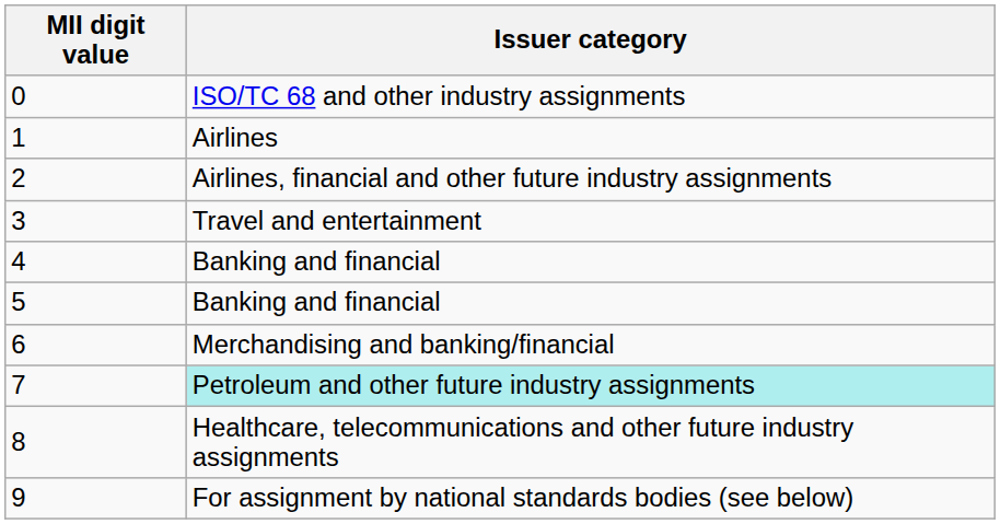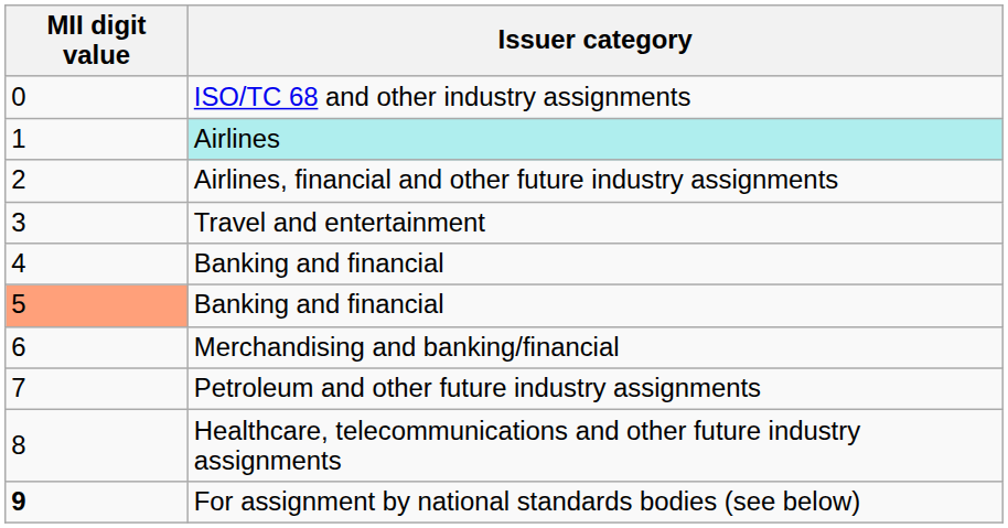 <table class="wikitable">
 <tr>
 <th>MII digit value</th>
 <th>Issuer category</th>
 </tr>
 <tr>
 <td>0</td>
 <td><a href='#'>ISO/TC 68</a> and other industry assignments</td>
 </tr>
 <tr>
 <td>1</td>
-<td>Airlines</td>
+<td style="background: paleturquoise;">Airlines</td>
 </tr>
 <tr>
 <td>2</td>
 <td>Airlines, financial and other future industry assignments</td>
 </tr>
 <tr>
 <td>3</td>
 <td>Travel and entertainment</td>
 </tr>
 <tr>
 <td>4</td>
 <td>Banking and financial</td>
 </tr>
 <tr>
-<td>5</td>
+<td style="background: lightsalmon;">5</td>
 <td>Banking and financial</td>
 </tr>
 <tr>
 <td>6</td>
 <td>Merchandising and banking/financial</td>
 </tr>
 <tr>
 <td>7</td>
-<td style="background: paleturquoise;">Petroleum and other future industry assignments</td>
+<td>Petroleum and other future industry assignments</td>
 </tr>
 <tr>
 <td>8</td>
 <td>Healthcare, telecommunications and other future industry assignments</td>
 </tr>
 <tr>
-<td>9</td>
+<td><strong>9</strong></td>
 <td>For assignment by national standards bodies (see below)</td>
 </tr>
 </table>
